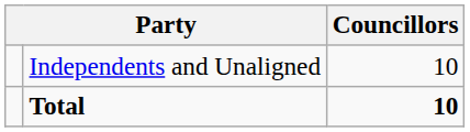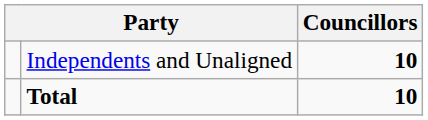 <table class="wikitable">
 <tr>
 <th colspan="2">Party</th>
 <th>Councillors</th>
 </tr>
 <tr>
 <td> </td>
 <td><a href='#'>Independents</a> and Unaligned</td>
-<td align=right>10</td>
+<td align=right><strong>10</strong></td>
 </tr>
 <tr>
 <td></td>
 <td><strong>Total</strong></td>
 <td align=right><strong>10</strong></td>
 </tr>
 </table>
